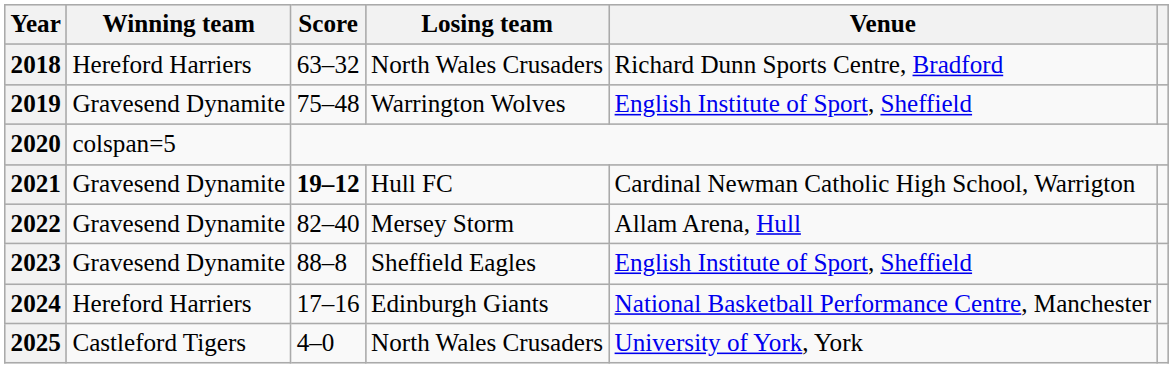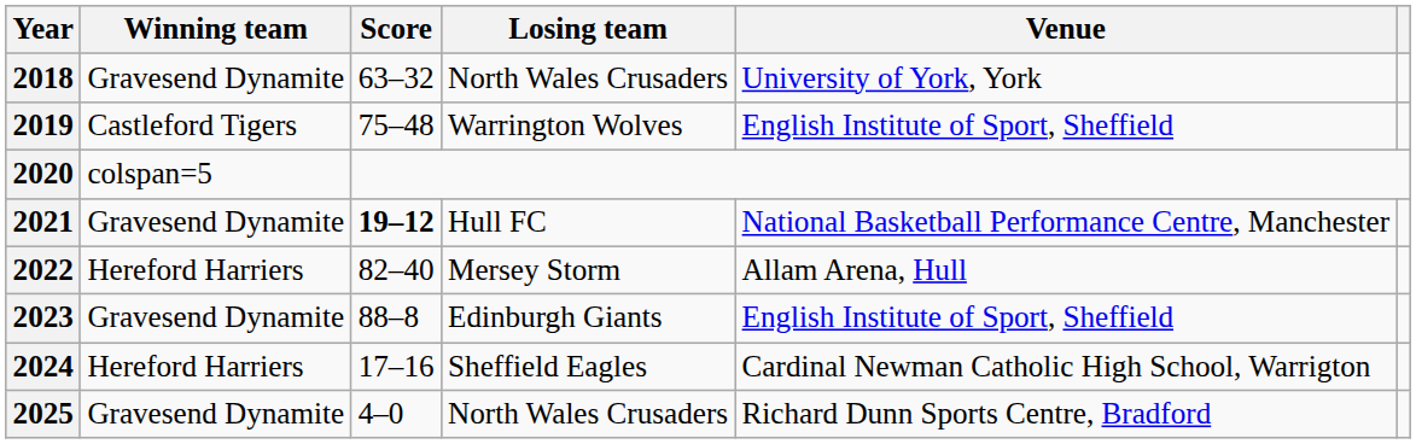 <table class="wikitable defaultcenter col2left col4left">
 <tr>
 <th scope="col">Year</th>
 <th scope="col">Winning team</th>
 <th scope="col">Score</th>
 <th scope="col">Losing team</th>
 <th scope="col">Venue</th>
 <th scope="col"></th>
 </tr>
 <tr>
 <th scope="row">2018</th>
-<td>Hereford Harriers</td>
+<td>Gravesend Dynamite</td>
 <td>63–32</td>
 <td> North Wales Crusaders</td>
-<td>Richard Dunn Sports Centre, <a href='#'>Bradford</a></td>
+<td><a href='#'>University of York</a>, York</td>
 <td></td>
 </tr>
 <tr>
 <th scope="row">2019</th>
-<td>Gravesend Dynamite</td>
+<td> Castleford Tigers</td>
 <td>75–48</td>
 <td> Warrington Wolves</td>
 <td><a href='#'>English Institute of Sport</a>, <a href='#'>Sheffield</a></td>
 <td></td>
 </tr>
 <tr>
 <th scope="row">2020</th>
 <td>colspan=5 </td>
 </tr>
 <tr>
 <th scope="row">2021</th>
 <td>Gravesend Dynamite</td>
 <td><strong>19–12</strong></td>
 <td> Hull FC</td>
-<td>Cardinal Newman Catholic High School, Warrigton</td>
+<td><a href='#'>National Basketball Performance Centre</a>, Manchester</td>
 <td></td>
 </tr>
 <tr>
 <th scope="row">2022</th>
-<td>Gravesend Dynamite</td>
+<td>Hereford Harriers</td>
 <td>82–40</td>
 <td>Mersey Storm</td>
 <td>Allam Arena, <a href='#'>Hull</a></td>
 <td></td>
 </tr>
 <tr>
 <th scope="row">2023</th>
 <td>Gravesend Dynamite</td>
 <td>88–8</td>
-<td> Sheffield Eagles</td>
+<td> Edinburgh Giants</td>
 <td><a href='#'>English Institute of Sport</a>, <a href='#'>Sheffield</a></td>
 <td></td>
 </tr>
 <tr>
 <th scope="row">2024</th>
 <td>Hereford Harriers</td>
 <td>17–16</td>
-<td> Edinburgh Giants</td>
-<td><a href='#'>National Basketball Performance Centre</a>, Manchester</td>
+<td> Sheffield Eagles</td>
+<td>Cardinal Newman Catholic High School, Warrigton</td>
 <td></td>
 </tr>
 <tr>
 <th scope="row">2025</th>
-<td> Castleford Tigers</td>
+<td>Gravesend Dynamite</td>
 <td>4–0</td>
 <td> North Wales Crusaders</td>
-<td><a href='#'>University of York</a>, York</td>
+<td>Richard Dunn Sports Centre, <a href='#'>Bradford</a></td>
 <td></td>
 </tr>
 </table>
